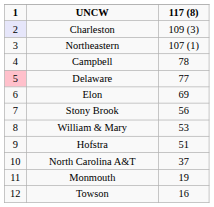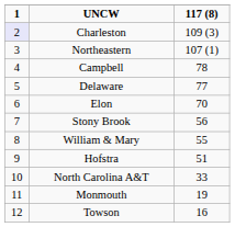 <table class="wikitable" style="width: 25%;text-align: center;">
 <tr align="center">
 </tr>
 <tr align="center">
 <td><strong>1</strong></td>
 <td><strong>UNCW</strong></td>
 <td><strong>117 (8)</strong></td>
 </tr>
 <tr align="center">
 <td style="background: lavender;">2</td>
 <td>Charleston</td>
 <td>109 (3)</td>
 </tr>
 <tr align="center">
 <td>3</td>
 <td>Northeastern</td>
 <td>107 (1)</td>
 </tr>
 <tr align="center">
 <td>4</td>
 <td>Campbell</td>
 <td>78</td>
 </tr>
 <tr align="center">
-<td style="background: pink;">5</td>
+<td>5</td>
 <td>Delaware</td>
 <td>77</td>
 </tr>
 <tr align="center">
 <td>6</td>
 <td>Elon</td>
-<td>69</td>
+<td>70</td>
 </tr>
 <tr align="center">
 <td>7</td>
 <td>Stony Brook</td>
 <td>56</td>
 </tr>
 <tr align="center">
 <td>8</td>
 <td>William & Mary</td>
-<td>53</td>
+<td>55</td>
 </tr>
 <tr align="center">
 <td>9</td>
 <td>Hofstra</td>
 <td>51</td>
 </tr>
 <tr align="center">
 <td>10</td>
 <td>North Carolina A&T</td>
-<td>37</td>
+<td>33</td>
 </tr>
 <tr align="center">
 <td>11</td>
 <td>Monmouth</td>
 <td>19</td>
 </tr>
 <tr align="center">
 <td>12</td>
 <td>Towson</td>
 <td>16</td>
 </tr>
 </table>
